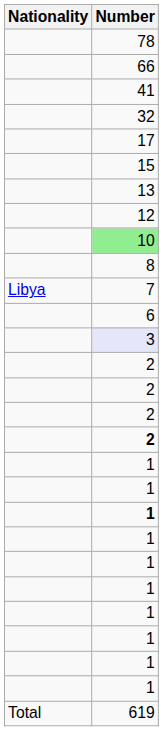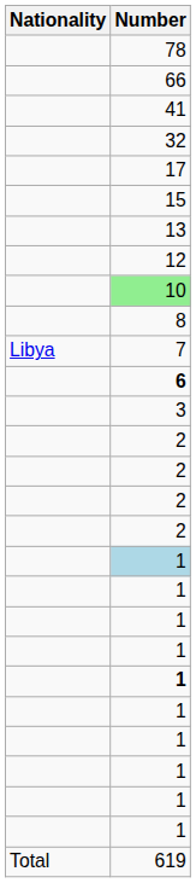 <table class="wikitable sortable">
 <tr>
 <th>Nationality</th>
 <th>Number</th>
 </tr>
 <tr>
 <td></td>
 <td style="text-align:right;">78</td>
 </tr>
 <tr>
 <td></td>
 <td style="text-align:right;">66</td>
 </tr>
 <tr>
 <td></td>
 <td style="text-align:right;">41</td>
 </tr>
 <tr>
 <td></td>
 <td style="text-align:right;">32</td>
 </tr>
 <tr>
 <td></td>
 <td style="text-align:right;">17</td>
 </tr>
 <tr>
 <td></td>
 <td style="text-align:right;">15</td>
 </tr>
 <tr>
 <td></td>
 <td style="text-align:right;">13</td>
 </tr>
 <tr>
 <td></td>
 <td style="text-align:right;">12</td>
 </tr>
 <tr>
 <td></td>
 <td style="background: lightgreen; text-align:right;">10</td>
 </tr>
 <tr>
 <td></td>
 <td style="text-align:right;">8</td>
 </tr>
 <tr>
 <td> <a href='#'>Libya</a></td>
 <td style="text-align:right;">7</td>
 </tr>
 <tr>
 <td></td>
-<td style="text-align:right;">6</td>
+<td style="text-align:right;"><strong>6</strong></td>
 </tr>
 <tr>
 <td></td>
-<td style="background: lavender; text-align:right;">3</td>
+<td style="text-align:right;">3</td>
 </tr>
 <tr>
 <td></td>
 <td style="text-align:right;">2</td>
 </tr>
 <tr>
 <td></td>
 <td style="text-align:right;">2</td>
 </tr>
 <tr>
 <td></td>
 <td style="text-align:right;">2</td>
 </tr>
 <tr>
 <td></td>
-<td style="text-align:right;"><strong>2</strong></td>
+<td style="text-align:right;">2</td>
+</tr>
+<tr>
+<td></td>
+<td style="background: lightblue; text-align:right;">1</td>
+</tr>
+<tr>
+<td></td>
+<td style="text-align:right;">1</td>
 </tr>
 <tr>
 <td></td>
 <td style="text-align:right;">1</td>
 </tr>
 <tr>
 <td></td>
 <td style="text-align:right;">1</td>
 </tr>
 <tr>
 <td></td>
 <td style="text-align:right;"><strong>1</strong></td>
 </tr>
 <tr>
 <td></td>
 <td style="text-align:right;">1</td>
 </tr>
 <tr>
 <td></td>
 <td style="text-align:right;">1</td>
 </tr>
 <tr>
 <td></td>
 <td style="text-align:right;">1</td>
 </tr>
 <tr>
 <td></td>
 <td style="text-align:right;">1</td>
 </tr>
 <tr>
 <td></td>
 <td style="text-align:right;">1</td>
 </tr>
 <tr>
-<td></td>
-<td style="text-align:right;">1</td>
-</tr>
-<tr>
-<td></td>
-<td style="text-align:right;">1</td>
-</tr>
-<tr>
 <td>Total</td>
 <td style="text-align:right;">619</td>
 </tr>
 </table>
